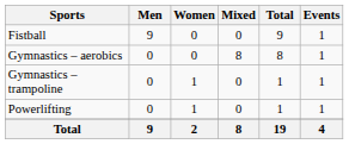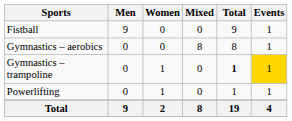 <table class="wikitable sortable" style="text-align:center;">
 <tr>
 <th width=150>Sports</th>
 <th width=45>Men</th>
 <th width=45>Women</th>
 <th width=45>Mixed</th>
 <th width=45>Total</th>
 <th width=45>Events</th>
 </tr>
 <tr>
 <td align=left>Fistball</td>
 <td>9</td>
 <td>0</td>
 <td>0</td>
 <td>9</td>
 <td>1</td>
 </tr>
 <tr>
 <td align=left>Gymnastics – aerobics</td>
 <td>0</td>
 <td>0</td>
 <td>8</td>
 <td>8</td>
 <td>1</td>
 </tr>
 <tr>
 <td align=left>Gymnastics – trampoline</td>
 <td>0</td>
 <td>1</td>
 <td>0</td>
-<td>1</td>
-<td>1</td>
+<td><strong>1</strong></td>
+<td style="background: gold;">1</td>
 </tr>
 <tr>
 <td align=left>Powerlifting</td>
 <td>0</td>
 <td>1</td>
 <td>0</td>
 <td>1</td>
 <td>1</td>
 </tr>
 <tr>
 </tr>
 <tr class="sortbottom">
 <th>Total</th>
 <th>9</th>
 <th>2</th>
 <th>8</th>
 <th>19</th>
 <th>4</th>
 </tr>
 </table>
